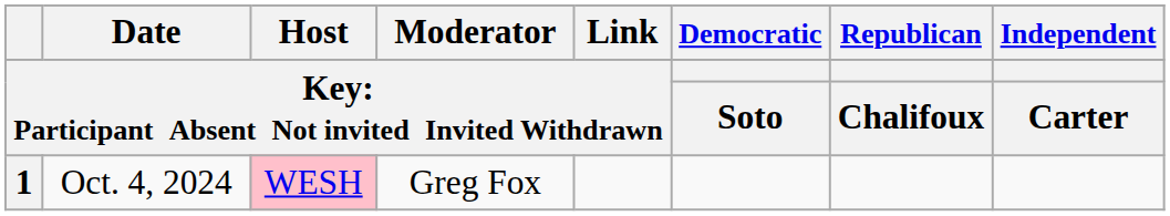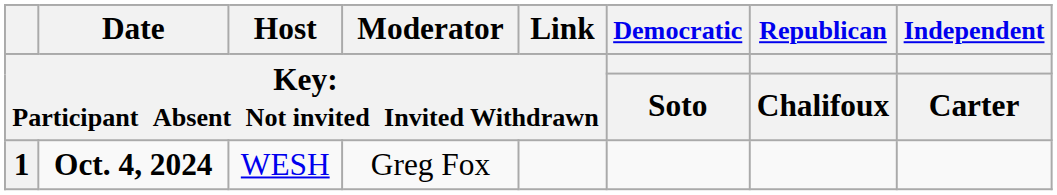 <table class="wikitable" style="text-align:center;">
 <tr>
 <th scope="col"></th>
 <th scope="col">Date</th>
 <th scope="col">Host</th>
 <th scope="col">Moderator</th>
 <th scope="col">Link</th>
 <th scope="col"><small><a href='#'>Democratic</a></small></th>
 <th scope="col"><small><a href='#'>Republican</a></small></th>
 <th scope="col"><small><a href='#'>Independent</a></small></th>
 </tr>
 <tr>
 <th colspan="5" rowspan="2">Key:<br> <small>Participant </small>  <small>Absent </small>  <small>Not invited </small>  <small>Invited  Withdrawn</small></th>
 <th scope="col" style="background:"></th>
 <th scope="col" style="background:"></th>
 <th scope="col" style="background:"></th>
 </tr>
 <tr>
 <th scope="col">Soto</th>
 <th scope="col">Chalifoux</th>
 <th scope="col">Carter</th>
 </tr>
 <tr>
 <th>1</th>
-<td style="white-space:nowrap;">Oct. 4, 2024</td>
-<td style="background: pink; white-space:nowrap;"><a href='#'>WESH</a></td>
+<td style="white-space:nowrap;"><strong>Oct. 4, 2024</strong></td>
+<td style="white-space:nowrap;"><a href='#'>WESH</a></td>
 <td style="white-space:nowrap;">Greg Fox</td>
 <td style="white-space:nowrap;"></td>
 <td></td>
 <td></td>
 <td></td>
 </tr>
 </table>
